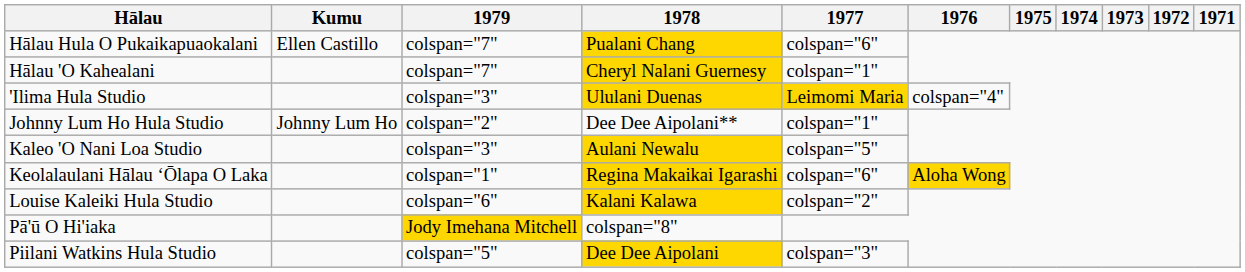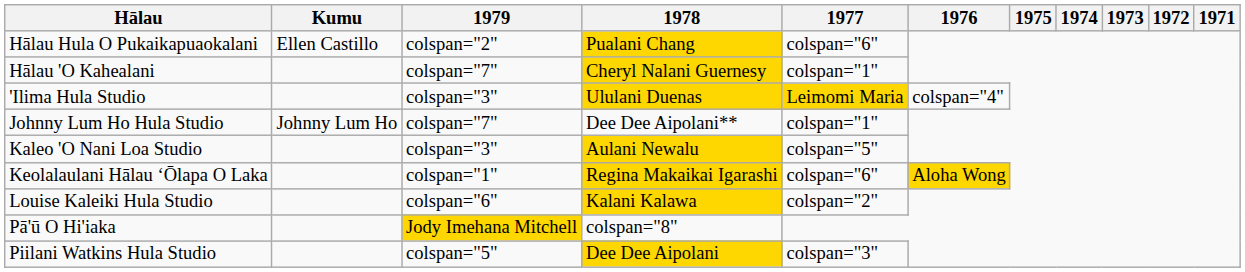 <table class="wikitable collapsible collapsed" style="margin:left; font-size:80%; line-height:12px;">
 <tr>
 <th>Hālau</th>
 <th>Kumu</th>
 <th>1979</th>
 <th>1978</th>
 <th>1977</th>
 <th>1976</th>
 <th>1975</th>
 <th>1974</th>
 <th>1973</th>
 <th>1972</th>
 <th>1971</th>
 </tr>
 <tr>
 <td>Hālau Hula O Pukaikapuaokalani</td>
 <td>Ellen Castillo</td>
-<td>colspan="7"</td>
+<td>colspan="2"</td>
 <td style="background:gold;">Pualani Chang</td>
 <td>colspan="6"</td>
 </tr>
 <tr>
 <td>Hālau 'O Kahealani</td>
 <td></td>
 <td>colspan="7"</td>
 <td style="background:gold;">Cheryl Nalani Guernesy</td>
 <td>colspan="1"</td>
 </tr>
 <tr>
 <td>'Ilima Hula Studio</td>
 <td></td>
 <td>colspan="3"</td>
 <td style="background:gold;">Ululani Duenas</td>
 <td style="background:gold;">Leimomi Maria</td>
 <td>colspan="4"</td>
 </tr>
 <tr>
 <td>Johnny Lum Ho Hula Studio</td>
 <td>Johnny Lum Ho</td>
-<td>colspan="2"</td>
+<td>colspan="7"</td>
 <td>Dee Dee Aipolani**</td>
 <td>colspan="1"</td>
 </tr>
 <tr>
 <td>Kaleo 'O Nani Loa Studio</td>
 <td></td>
 <td>colspan="3"</td>
 <td style="background:gold;">Aulani Newalu</td>
 <td>colspan="5"</td>
 </tr>
 <tr>
 <td>Keolalaulani Hālau ‘Ōlapa O Laka</td>
 <td></td>
 <td>colspan="1"</td>
 <td style="background:gold;">Regina Makaikai Igarashi</td>
 <td>colspan="6"</td>
 <td style="background:gold;">Aloha Wong</td>
 </tr>
 <tr>
 <td>Louise Kaleiki Hula Studio</td>
 <td></td>
 <td>colspan="6"</td>
 <td style="background:gold;">Kalani Kalawa</td>
 <td>colspan="2"</td>
 </tr>
 <tr>
 <td>Pā'ū O Hi'iaka</td>
 <td></td>
 <td style="background:gold;">Jody Imehana Mitchell</td>
 <td>colspan="8"</td>
 </tr>
 <tr>
 <td>Piilani Watkins Hula Studio</td>
 <td></td>
 <td>colspan="5"</td>
 <td style="background:gold;">Dee Dee Aipolani</td>
 <td>colspan="3"</td>
 </tr>
 </table>
